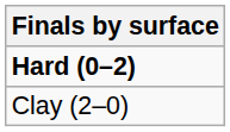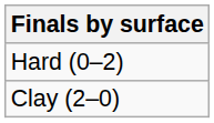 <table class=wikitable style=font-size:90%>
 <tr>
 <th>Finals by surface</th>
 </tr>
 <tr>
-<td><strong>Hard (0–2)</strong></td>
+<td>Hard (0–2)</td>
 </tr>
 <tr>
 <td>Clay (2–0)</td>
 </tr>
 </table>
